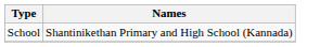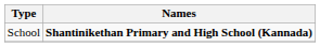 <table class="wikitable">
 <tr>
 <th>Type</th>
 <th>Names</th>
 </tr>
 <tr>
 <td>School</td>
-<td>Shantinikethan Primary and High School (Kannada)</td>
+<td><strong>Shantinikethan Primary and High School (Kannada)</strong></td>
 </tr>
 <tr>
 </tr>
 </table>
